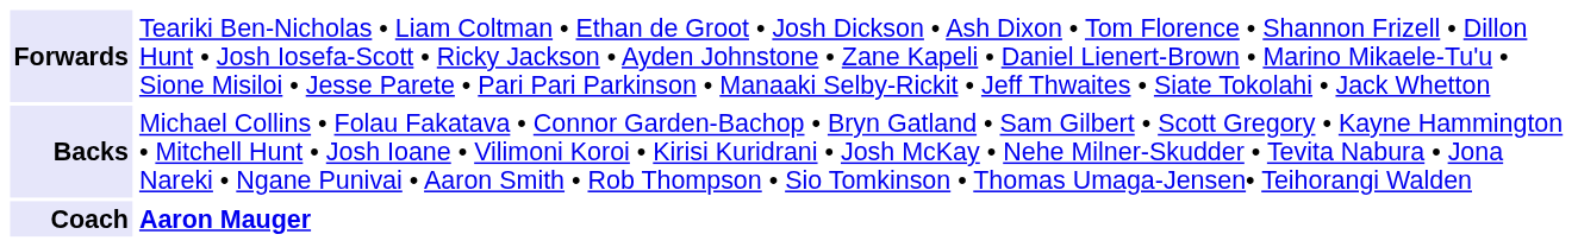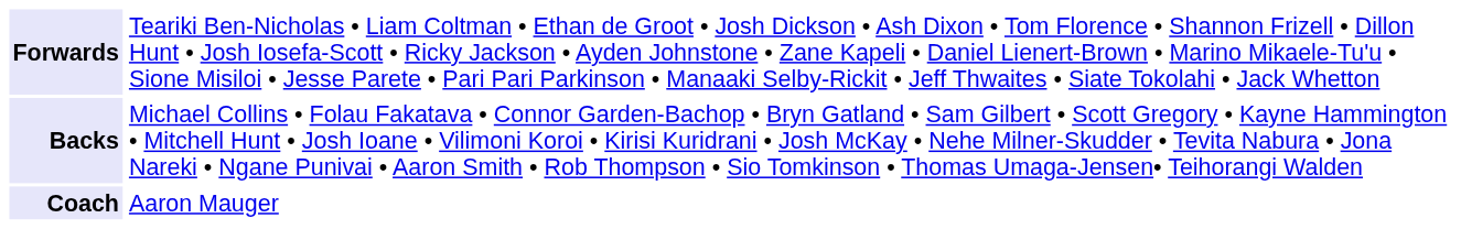 <table cellpadding="2" style="border: 1px solid white; font-size:90%">
 <tr>
 <td style="text-align:right;" bgcolor="lavender"><strong>Forwards</strong></td>
 <td style="text-align:left;"><a href='#'>Teariki Ben-Nicholas</a> • <a href='#'>Liam Coltman</a> • <a href='#'>Ethan de Groot</a> • <a href='#'>Josh Dickson</a> • <a href='#'>Ash Dixon</a> • <a href='#'>Tom Florence</a> • <a href='#'>Shannon Frizell</a> • <a href='#'>Dillon Hunt</a> • <a href='#'>Josh Iosefa-Scott</a> • <a href='#'>Ricky Jackson</a> • <a href='#'>Ayden Johnstone</a> • <a href='#'>Zane Kapeli</a> • <a href='#'>Daniel Lienert-Brown</a> • <a href='#'>Marino Mikaele-Tu'u</a> • <a href='#'>Sione Misiloi</a> • <a href='#'>Jesse Parete</a> • <a href='#'>Pari Pari Parkinson</a> • <a href='#'>Manaaki Selby-Rickit</a> • <a href='#'>Jeff Thwaites</a> • <a href='#'>Siate Tokolahi</a> • <a href='#'>Jack Whetton</a></td>
 </tr>
 <tr>
 <td style="text-align:right;" bgcolor="lavender"><strong>Backs</strong></td>
 <td style="text-align:left;"><a href='#'>Michael Collins</a> • <a href='#'>Folau Fakatava</a> • <a href='#'>Connor Garden-Bachop</a> • <a href='#'>Bryn Gatland</a> • <a href='#'>Sam Gilbert</a> • <a href='#'>Scott Gregory</a> • <a href='#'>Kayne Hammington</a> • <a href='#'>Mitchell Hunt</a> • <a href='#'>Josh Ioane</a> • <a href='#'>Vilimoni Koroi</a> • <a href='#'>Kirisi Kuridrani</a> • <a href='#'>Josh McKay</a> • <a href='#'>Nehe Milner-Skudder</a> • <a href='#'>Tevita Nabura</a> • <a href='#'>Jona Nareki</a> • <a href='#'>Ngane Punivai</a> • <a href='#'>Aaron Smith</a> • <a href='#'>Rob Thompson</a> • <a href='#'>Sio Tomkinson</a> • <a href='#'>Thomas Umaga-Jensen</a>• <a href='#'>Teihorangi Walden</a></td>
 </tr>
 <tr>
 <td style="text-align:right;" bgcolor="lavender"><strong>Coach</strong></td>
-<td style="text-align:left;"><strong><a href='#'>Aaron Mauger</a></strong></td>
+<td style="text-align:left;"><a href='#'>Aaron Mauger</a></td>
 </tr>
 </table>
